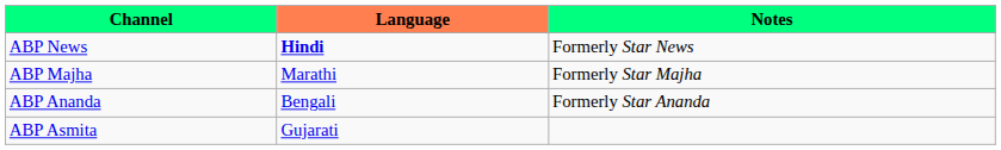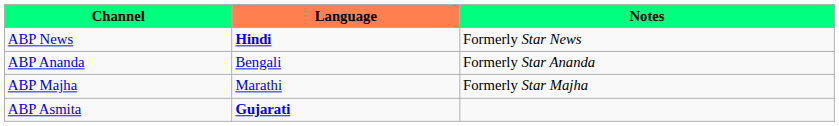 <table class="wikitable" style="text-align:middle;">
 <tr>
 <th style="width:180pt; background:SpringGreen;">Channel</th>
 <th style="width:180pt; background:Coral;">Language</th>
 <th style="width:300pt; background:SpringGreen;">Notes</th>
 </tr>
 <tr>
 <td><a href='#'>ABP News</a></td>
 <td><strong><a href='#'>Hindi</a></strong></td>
 <td>Formerly <em>Star News</em></td>
 </tr>
 <tr>
+<td><a href='#'>ABP Ananda</a></td>
+<td><a href='#'>Bengali</a></td>
+<td>Formerly <em>Star Ananda</em></td>
+</tr>
+<tr>
 <td><a href='#'>ABP Majha</a></td>
 <td><a href='#'>Marathi</a></td>
 <td>Formerly <em>Star Majha</em></td>
 </tr>
 <tr>
-<td><a href='#'>ABP Ananda</a></td>
-<td><a href='#'>Bengali</a></td>
-<td>Formerly <em>Star Ananda</em></td>
-</tr>
-<tr>
 <td><a href='#'>ABP Asmita</a></td>
-<td><a href='#'>Gujarati</a></td>
+<td><strong><a href='#'>Gujarati</a></strong></td>
 <td></td>
 </tr>
 </table>
